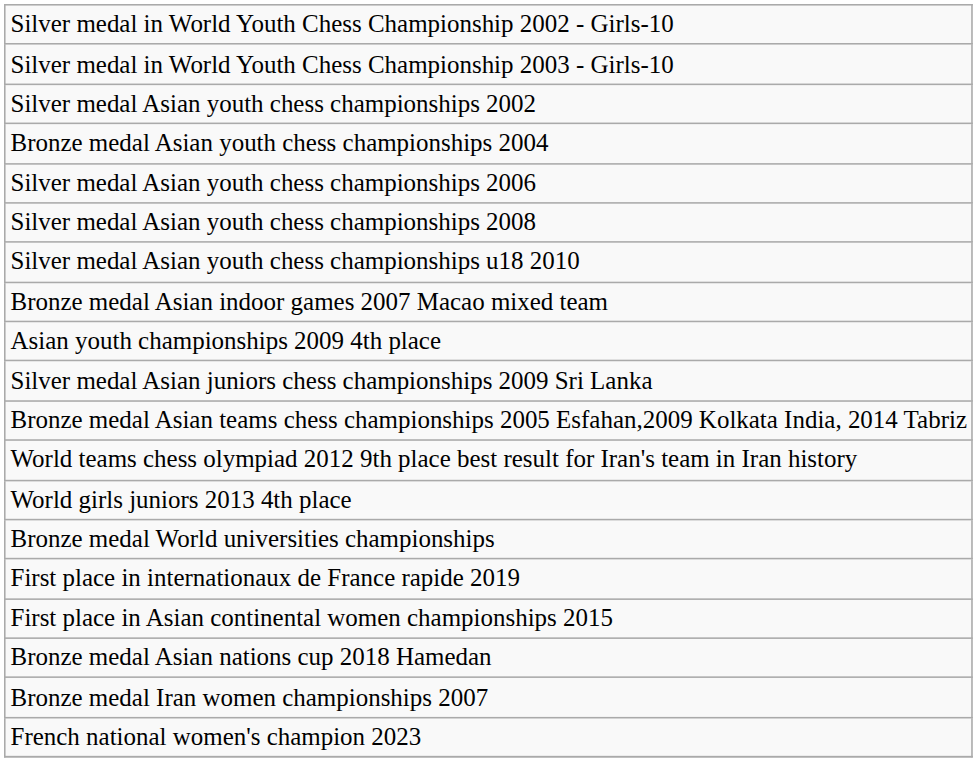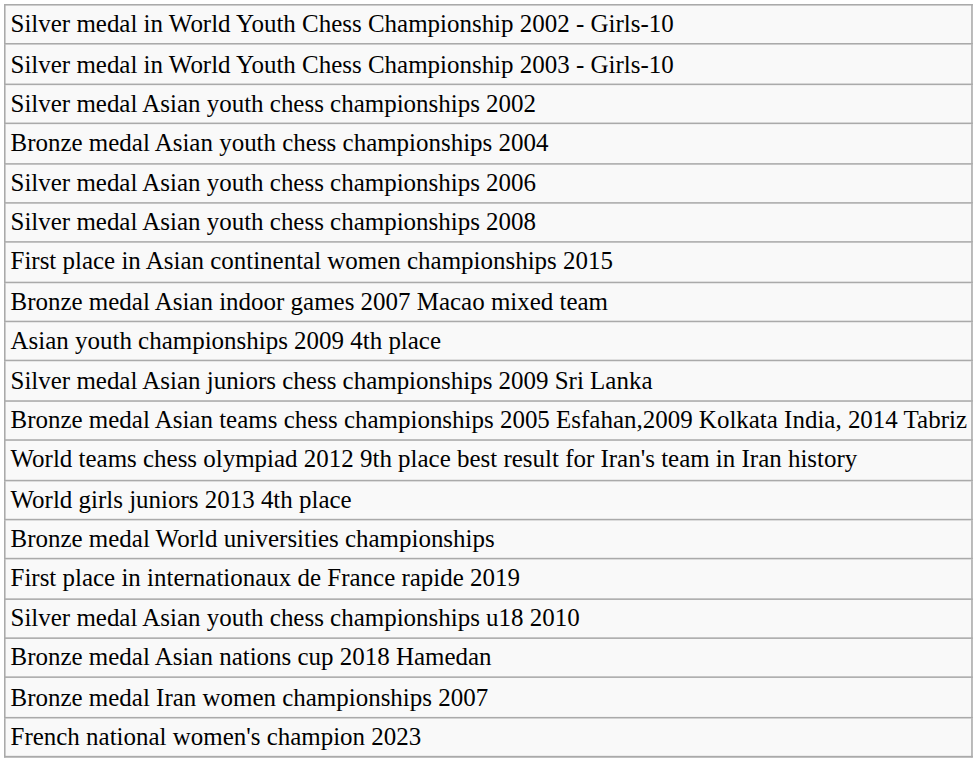 <table class="wikitable">
 <tr>
 <td>Silver medal in World Youth Chess Championship 2002 - Girls-10 </td>
 </tr>
 <tr>
 <td>Silver medal in World Youth Chess Championship 2003 - Girls-10 </td>
 </tr>
 <tr>
 <td>Silver medal Asian youth chess championships 2002 </td>
 </tr>
 <tr>
 <td>Bronze medal Asian youth chess championships 2004 </td>
 </tr>
 <tr>
 <td>Silver medal Asian youth chess championships 2006 </td>
 </tr>
 <tr>
 <td>Silver medal Asian youth chess championships 2008 </td>
 </tr>
 <tr>
-<td>Silver medal Asian youth chess championships u18 2010 </td>
+<td>First place in Asian continental women championships 2015</td>
 </tr>
 <tr>
 <td>Bronze medal Asian indoor games 2007 Macao mixed team</td>
 </tr>
 <tr>
 <td>Asian youth championships 2009 4th place </td>
 </tr>
 <tr>
 <td>Silver medal Asian juniors chess championships 2009 Sri Lanka </td>
 </tr>
 <tr>
 <td>Bronze medal Asian teams chess championships 2005 Esfahan,2009 Kolkata India, 2014 Tabriz</td>
 </tr>
 <tr>
 <td>World teams chess olympiad 2012 9th place best result for Iran's team in Iran history</td>
 </tr>
 <tr>
 <td>World girls juniors 2013 4th place </td>
 </tr>
 <tr>
 <td>Bronze medal World universities championships </td>
 </tr>
 <tr>
 <td>First place in internationaux de France rapide 2019 </td>
 </tr>
 <tr>
-<td>First place in Asian continental women championships 2015</td>
+<td>Silver medal Asian youth chess championships u18 2010 </td>
 </tr>
 <tr>
 <td>Bronze medal Asian nations cup 2018 Hamedan </td>
 </tr>
 <tr>
 <td>Bronze medal Iran women championships 2007 </td>
 </tr>
 <tr>
 <td>French national women's champion 2023 </td>
 </tr>
 <tr>
 </tr>
 </table>
